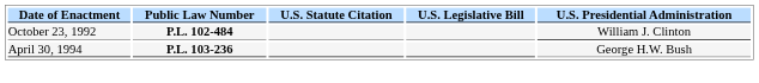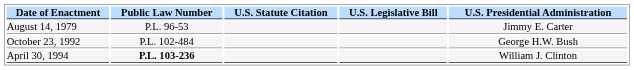 <table style="border:1px solid gray; align:left; width:75%" cellspacing=3 cellpadding=0>
 <tr style="font-weight:bold; text-align:center; background:#bbddff; color:black;">
 <th style=" border-bottom:1.5px solid black">Date of Enactment</th>
 <th style=" border-bottom:1.5px solid black">Public Law Number</th>
 <th style=" border-bottom:1.5px solid black">U.S. Statute Citation</th>
 <th style=" border-bottom:1.5px solid black">U.S. Legislative Bill</th>
 <th style=" border-bottom:1.5px solid black">U.S. Presidential Administration</th>
 </tr>
 <tr>
-<td style="border-bottom:1px solid gray; background:#F5F5F5;">October 23, 1992</td>
-<td style="border-bottom:1px solid gray; background:#F5F5F5; text-align:center;"><strong>P.L. 102-484</strong></td>
+<td style="border-bottom:1px solid gray; background:#F5F5F5;">August 14, 1979</td>
+<td style="border-bottom:1px solid gray; background:#F5F5F5; text-align:center;">P.L. 96-53</td>
 <td style="border-bottom:1px solid gray; background:#F5F5F5; text-align:center;"></td>
 <td style="border-bottom:1px solid gray; background:#F5F5F5; text-align:center;"></td>
-<td style="border-bottom:1.5px solid black; background:#F5F5F5; text-align:center;">William J. Clinton</td>
+<td style="border-bottom:1px solid gray; background:#F5F5F5; text-align:center;">Jimmy E. Carter</td>
+</tr>
+<tr>
+<td style="border-bottom:1px solid gray; background:#F5F5F5;">October 23, 1992</td>
+<td style="border-bottom:1px solid gray; background:#F5F5F5; text-align:center;">P.L. 102-484</td>
+<td style="border-bottom:1px solid gray; background:#F5F5F5; text-align:center;"></td>
+<td style="border-bottom:1px solid gray; background:#F5F5F5; text-align:center;"></td>
+<td style="border-bottom:1px solid gray; background:#F5F5F5; text-align:center;">George H.W. Bush</td>
 </tr>
 <tr>
 <td style="border-bottom:1.5px solid black; background:#F5F5F5;">April 30, 1994</td>
 <td style="border-bottom:1.5px solid black; background:#F5F5F5; text-align:center;"><strong>P.L. 103-236</strong></td>
 <td style="border-bottom:1.5px solid black; background:#F5F5F5; text-align:center;"></td>
 <td style="border-bottom:1.5px solid black; background:#F5F5F5; text-align:center;"></td>
-<td style="border-bottom:1px solid gray; background:#F5F5F5; text-align:center;">George H.W. Bush</td>
+<td style="border-bottom:1.5px solid black; background:#F5F5F5; text-align:center;">William J. Clinton</td>
 </tr>
 </table>
